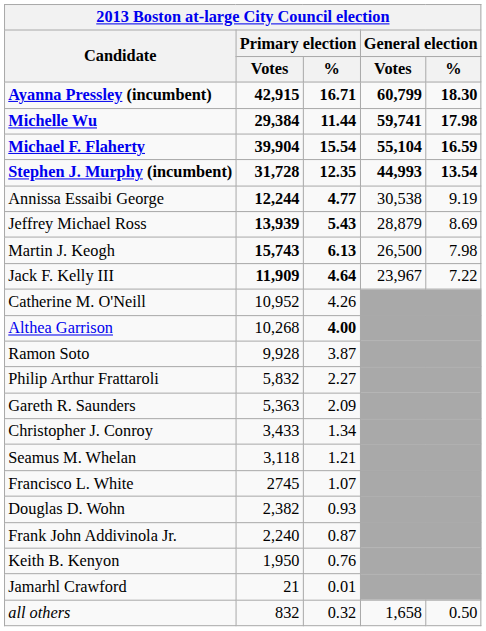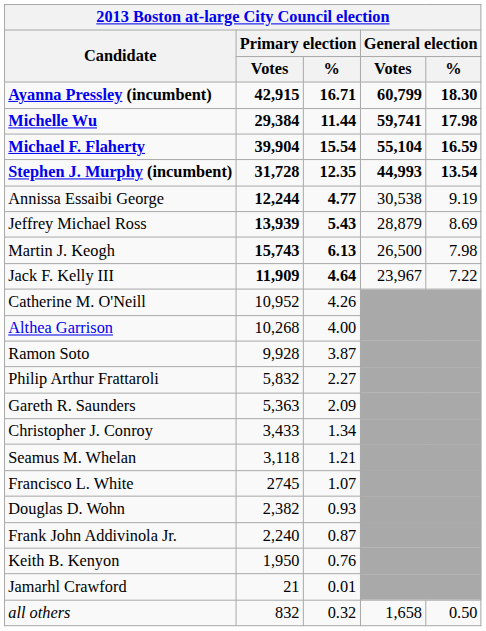 <table class=wikitable>
 <tr>
 <th colspan=5><a href='#'>2013 Boston at-large City Council election</a></th>
 </tr>
 <tr>
 <th colspan=1 rowspan=2>Candidate</th>
 <th colspan=2>Primary election</th>
 <th colspan=2>General election</th>
 </tr>
 <tr>
 <th>Votes</th>
 <th>%</th>
 <th>Votes</th>
 <th>%</th>
 </tr>
 <tr>
 <td><strong><a href='#'>Ayanna Pressley</a> (incumbent) </strong></td>
 <td align="right"><strong>42,915</strong></td>
 <td align="right"><strong>16.71</strong></td>
 <td align="right"><strong>60,799</strong></td>
 <td align="right"><strong>18.30</strong></td>
 </tr>
 <tr>
 <td><strong><a href='#'>Michelle Wu</a></strong></td>
 <td align="right"><strong>29,384</strong></td>
 <td align="right"><strong>11.44</strong></td>
 <td align="right"><strong>59,741</strong></td>
 <td align="right"><strong>17.98</strong></td>
 </tr>
 <tr>
 <td><strong><a href='#'>Michael F. Flaherty</a></strong></td>
 <td align="right"><strong>39,904</strong></td>
 <td align="right"><strong>15.54</strong></td>
 <td align="right"><strong>55,104</strong></td>
 <td align="right"><strong>16.59</strong></td>
 </tr>
 <tr>
 <td><strong><a href='#'>Stephen J. Murphy</a> (incumbent)</strong></td>
 <td align="right"><strong>31,728</strong></td>
 <td align="right"><strong>12.35</strong></td>
 <td align="right"><strong>44,993</strong></td>
 <td align="right"><strong>13.54</strong></td>
 </tr>
 <tr>
 <td>Annissa Essaibi George</td>
 <td align="right"><strong>12,244</strong></td>
 <td align="right"><strong>4.77</strong></td>
 <td align="right">30,538</td>
 <td align="right">9.19</td>
 </tr>
 <tr>
 <td>Jeffrey Michael Ross</td>
 <td align="right"><strong>13,939</strong></td>
 <td align="right"><strong>5.43</strong></td>
 <td align="right">28,879</td>
 <td align="right">8.69</td>
 </tr>
 <tr>
 <td>Martin J. Keogh</td>
 <td align="right"><strong>15,743</strong></td>
 <td align="right"><strong>6.13</strong></td>
 <td align="right">26,500</td>
 <td align="right">7.98</td>
 </tr>
 <tr>
 <td>Jack F. Kelly III</td>
 <td align="right"><strong>11,909</strong></td>
 <td align="right"><strong>4.64</strong></td>
 <td align="right">23,967</td>
 <td align="right">7.22</td>
 </tr>
 <tr>
 <td>Catherine M. O'Neill</td>
 <td align="right">10,952</td>
 <td align="right">4.26</td>
 <td colspan=2 bgcolor=darkgray> </td>
 </tr>
 <tr>
 <td><a href='#'>Althea Garrison</a></td>
 <td align="right">10,268</td>
-<td align="right"><strong>4.00</strong></td>
+<td align="right">4.00</td>
 <td colspan=2 bgcolor=darkgray> </td>
 </tr>
 <tr>
 <td>Ramon Soto</td>
 <td align="right">9,928</td>
 <td align="right">3.87</td>
 <td colspan=2 bgcolor=darkgray> </td>
 </tr>
 <tr>
 <td>Philip Arthur Frattaroli</td>
 <td align="right">5,832</td>
 <td align="right">2.27</td>
 <td colspan=2 bgcolor=darkgray> </td>
 </tr>
 <tr>
 <td>Gareth R. Saunders</td>
 <td align="right">5,363</td>
 <td align="right">2.09</td>
 <td colspan=2 bgcolor=darkgray> </td>
 </tr>
 <tr>
 <td>Christopher J. Conroy</td>
 <td align="right">3,433</td>
 <td align="right">1.34</td>
 <td colspan=2 bgcolor=darkgray> </td>
 </tr>
 <tr>
 <td>Seamus M. Whelan</td>
 <td align="right">3,118</td>
 <td align="right">1.21</td>
 <td colspan=2 bgcolor=darkgray> </td>
 </tr>
 <tr>
 <td>Francisco L. White</td>
 <td align="right">2745</td>
 <td align="right">1.07</td>
 <td colspan=2 bgcolor=darkgray> </td>
 </tr>
 <tr>
 <td>Douglas D. Wohn</td>
 <td align="right">2,382</td>
 <td align="right">0.93</td>
 <td colspan=2 bgcolor=darkgray> </td>
 </tr>
 <tr>
 <td>Frank John Addivinola Jr.</td>
 <td align="right">2,240</td>
 <td align="right">0.87</td>
 <td colspan=2 bgcolor=darkgray> </td>
 </tr>
 <tr>
 <td>Keith B. Kenyon</td>
 <td align="right">1,950</td>
 <td align="right">0.76</td>
 <td colspan=2 bgcolor=darkgray> </td>
 </tr>
 <tr>
 <td>Jamarhl Crawford</td>
 <td align="right">21</td>
 <td align="right">0.01</td>
 <td colspan=2 bgcolor=darkgray> </td>
 </tr>
 <tr>
 <td><em>all others</em></td>
 <td align="right">832</td>
 <td align="right">0.32</td>
 <td align="right">1,658</td>
 <td align="right">0.50</td>
 </tr>
 </table>
